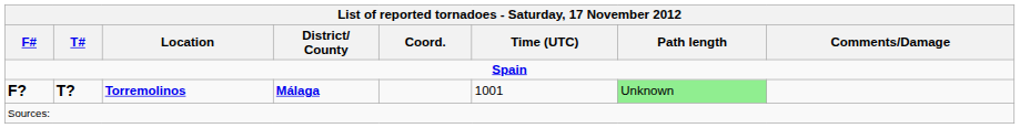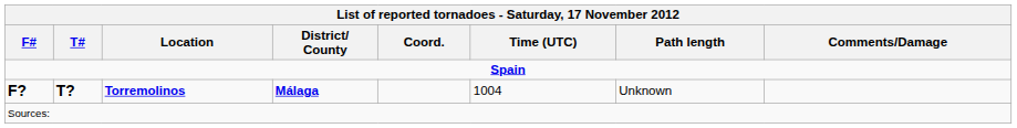 <table class="wikitable collapsible" width="100%">
 <tr>
 <th colspan="8">List of reported tornadoes - Saturday, 17 November 2012</th>
 </tr>
 <tr>
 <th><a href='#'>F#</a></th>
 <th><a href='#'>T#</a></th>
 <th>Location</th>
 <th>District/<br>County</th>
 <th>Coord.</th>
 <th>Time (UTC)</th>
 <th>Path length</th>
 <th>Comments/Damage</th>
 </tr>
 <tr>
 <td colspan="8" align=center><strong><a href='#'>Spain</a></strong></td>
 </tr>
 <tr>
 <td><big><strong>F?</strong></big></td>
 <td><big><strong>T?</strong></big></td>
 <td><strong><a href='#'>Torremolinos</a></strong></td>
 <td><strong><a href='#'>Málaga</a></strong></td>
 <td></td>
-<td>1001</td>
-<td style="background: lightgreen;">Unknown</td>
+<td>1004</td>
+<td>Unknown</td>
 <td></td>
 </tr>
 <tr>
 <td colspan="8"><small>Sources:  </small></td>
 </tr>
 </table>
